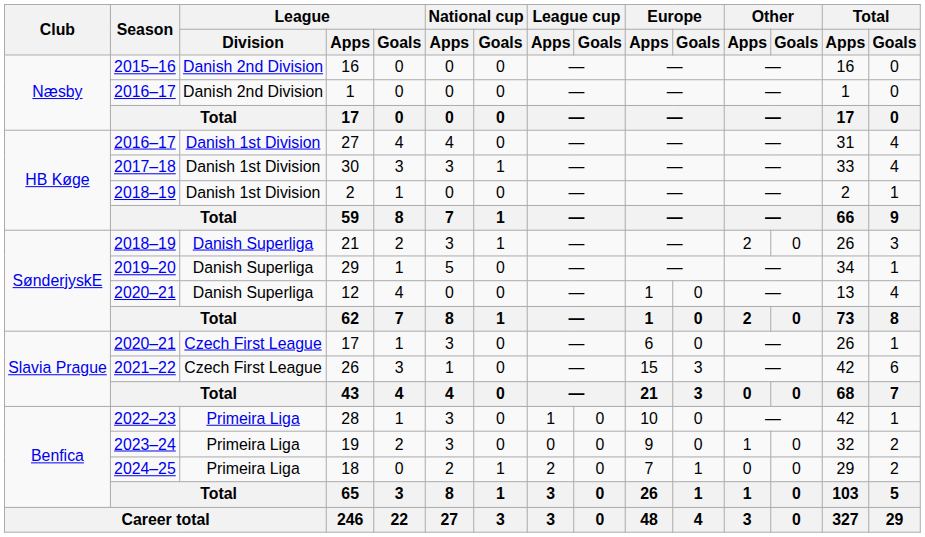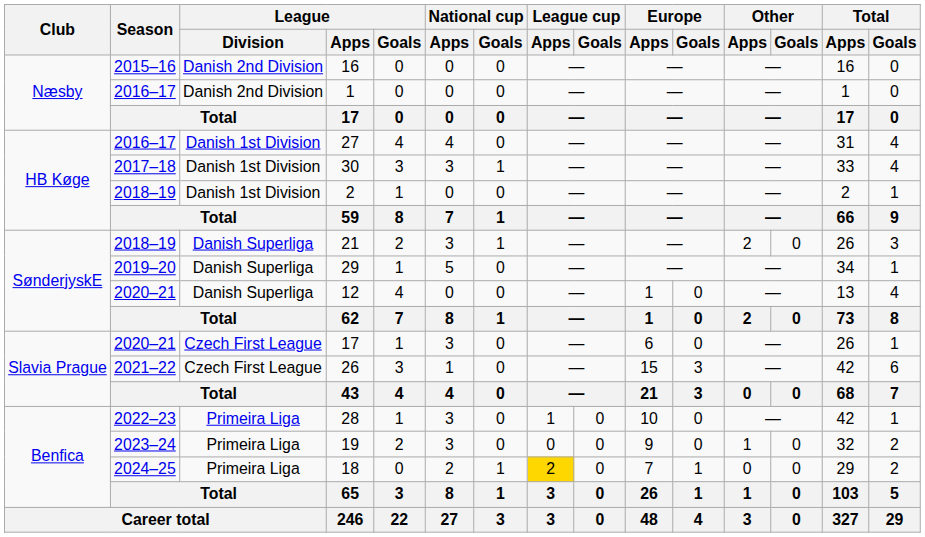 <table class="wikitable" style="text-align:center">
 <tr>
 <th rowspan="2">Club</th>
 <th rowspan="2">Season</th>
 <th colspan="3">League</th>
 <th colspan="2">National cup</th>
 <th colspan="2">League cup</th>
 <th colspan="2">Europe</th>
 <th colspan="2">Other</th>
 <th colspan="2">Total</th>
 </tr>
 <tr>
 <th>Division</th>
 <th>Apps</th>
 <th>Goals</th>
 <th>Apps</th>
 <th>Goals</th>
 <th>Apps</th>
 <th>Goals</th>
 <th>Apps</th>
 <th>Goals</th>
 <th>Apps</th>
 <th>Goals</th>
 <th>Apps</th>
 <th>Goals</th>
 </tr>
 <tr>
 <td rowspan="3"><a href='#'>Næsby</a></td>
 <td><a href='#'>2015–16</a></td>
 <td><a href='#'>Danish 2nd Division</a></td>
 <td>16</td>
 <td>0</td>
 <td>0</td>
 <td>0</td>
 <td colspan="2">—</td>
 <td colspan="2">—</td>
 <td colspan="2">—</td>
 <td>16</td>
 <td>0</td>
 </tr>
 <tr>
 <td><a href='#'>2016–17</a></td>
 <td>Danish 2nd Division</td>
 <td>1</td>
 <td>0</td>
 <td>0</td>
 <td>0</td>
 <td colspan="2">—</td>
 <td colspan="2">—</td>
 <td colspan="2">—</td>
 <td>1</td>
 <td>0</td>
 </tr>
 <tr>
 <th colspan="2">Total</th>
 <th>17</th>
 <th>0</th>
 <th>0</th>
 <th>0</th>
 <th colspan="2">—</th>
 <th colspan="2">—</th>
 <th colspan="2">—</th>
 <th>17</th>
 <th>0</th>
 </tr>
 <tr>
 <td rowspan="4"><a href='#'>HB Køge</a></td>
 <td><a href='#'>2016–17</a></td>
 <td><a href='#'>Danish 1st Division</a></td>
 <td>27</td>
 <td>4</td>
 <td>4</td>
 <td>0</td>
 <td colspan="2">—</td>
 <td colspan="2">—</td>
 <td colspan="2">—</td>
 <td>31</td>
 <td>4</td>
 </tr>
 <tr>
 <td><a href='#'>2017–18</a></td>
 <td>Danish 1st Division</td>
 <td>30</td>
 <td>3</td>
 <td>3</td>
 <td>1</td>
 <td colspan="2">—</td>
 <td colspan="2">—</td>
 <td colspan="2">—</td>
 <td>33</td>
 <td>4</td>
 </tr>
 <tr>
 <td><a href='#'>2018–19</a></td>
 <td>Danish 1st Division</td>
 <td>2</td>
 <td>1</td>
 <td>0</td>
 <td>0</td>
 <td colspan="2">—</td>
 <td colspan="2">—</td>
 <td colspan="2">—</td>
 <td>2</td>
 <td>1</td>
 </tr>
 <tr>
 <th colspan="2">Total</th>
 <th>59</th>
 <th>8</th>
 <th>7</th>
 <th>1</th>
 <th colspan="2">—</th>
 <th colspan="2">—</th>
 <th colspan="2">—</th>
 <th>66</th>
 <th>9</th>
 </tr>
 <tr>
 <td rowspan="4"><a href='#'>SønderjyskE</a></td>
 <td><a href='#'>2018–19</a></td>
 <td><a href='#'>Danish Superliga</a></td>
 <td>21</td>
 <td>2</td>
 <td>3</td>
 <td>1</td>
 <td colspan="2">—</td>
 <td colspan="2">—</td>
 <td>2</td>
 <td>0</td>
 <td>26</td>
 <td>3</td>
 </tr>
 <tr>
 <td><a href='#'>2019–20</a></td>
 <td>Danish Superliga</td>
 <td>29</td>
 <td>1</td>
 <td>5</td>
 <td>0</td>
 <td colspan="2">—</td>
 <td colspan="2">—</td>
 <td colspan="2">—</td>
 <td>34</td>
 <td>1</td>
 </tr>
 <tr>
 <td><a href='#'>2020–21</a></td>
 <td>Danish Superliga</td>
 <td>12</td>
 <td>4</td>
 <td>0</td>
 <td>0</td>
 <td colspan="2">—</td>
 <td>1</td>
 <td>0</td>
 <td colspan="2">—</td>
 <td>13</td>
 <td>4</td>
 </tr>
 <tr>
 <th colspan="2">Total</th>
 <th>62</th>
 <th>7</th>
 <th>8</th>
 <th>1</th>
 <th colspan="2">—</th>
 <th>1</th>
 <th>0</th>
 <th>2</th>
 <th>0</th>
 <th>73</th>
 <th>8</th>
 </tr>
 <tr>
 <td rowspan="3"><a href='#'>Slavia Prague</a></td>
 <td><a href='#'>2020–21</a></td>
 <td><a href='#'>Czech First League</a></td>
 <td>17</td>
 <td>1</td>
 <td>3</td>
 <td>0</td>
 <td colspan="2">—</td>
 <td>6</td>
 <td>0</td>
 <td colspan="2">—</td>
 <td>26</td>
 <td>1</td>
 </tr>
 <tr>
 <td><a href='#'>2021–22</a></td>
 <td>Czech First League</td>
 <td>26</td>
 <td>3</td>
 <td>1</td>
 <td>0</td>
 <td colspan="2">—</td>
 <td>15</td>
 <td>3</td>
 <td colspan="2">—</td>
 <td>42</td>
 <td>6</td>
 </tr>
 <tr>
 <th colspan="2">Total</th>
 <th>43</th>
 <th>4</th>
 <th>4</th>
 <th>0</th>
 <th colspan="2">—</th>
 <th>21</th>
 <th>3</th>
 <th>0</th>
 <th>0</th>
 <th>68</th>
 <th>7</th>
 </tr>
 <tr>
 <td rowspan="4"><a href='#'>Benfica</a></td>
 <td><a href='#'>2022–23</a></td>
 <td><a href='#'>Primeira Liga</a></td>
 <td>28</td>
 <td>1</td>
 <td>3</td>
 <td>0</td>
 <td>1</td>
 <td>0</td>
 <td>10</td>
 <td>0</td>
 <td colspan="2">—</td>
 <td>42</td>
 <td>1</td>
 </tr>
 <tr>
 <td><a href='#'>2023–24</a></td>
 <td>Primeira Liga</td>
 <td>19</td>
 <td>2</td>
 <td>3</td>
 <td>0</td>
 <td>0</td>
 <td>0</td>
 <td>9</td>
 <td>0</td>
 <td>1</td>
 <td>0</td>
 <td>32</td>
 <td>2</td>
 </tr>
 <tr>
 <td><a href='#'>2024–25</a></td>
 <td>Primeira Liga</td>
 <td>18</td>
 <td>0</td>
 <td>2</td>
 <td>1</td>
-<td>2</td>
+<td style="background: gold;">2</td>
 <td>0</td>
 <td>7</td>
 <td>1</td>
 <td>0</td>
 <td>0</td>
 <td>29</td>
 <td>2</td>
 </tr>
 <tr>
 <th colspan="2">Total</th>
 <th>65</th>
 <th>3</th>
 <th>8</th>
 <th>1</th>
 <th>3</th>
 <th>0</th>
 <th>26</th>
 <th>1</th>
 <th>1</th>
 <th>0</th>
 <th>103</th>
 <th>5</th>
 </tr>
 <tr>
 <th colspan="3">Career total</th>
 <th>246</th>
 <th>22</th>
 <th>27</th>
 <th>3</th>
 <th>3</th>
 <th>0</th>
 <th>48</th>
 <th>4</th>
 <th>3</th>
 <th>0</th>
 <th>327</th>
 <th>29</th>
 </tr>
 </table>
